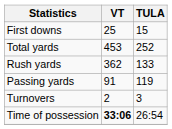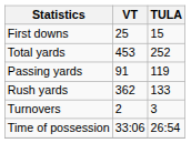 <table class="wikitable" style="float: left;">
 <tr>
 <th>Statistics</th>
 <th>VT</th>
 <th>TULA</th>
 </tr>
 <tr>
 <td>First downs</td>
 <td>25</td>
 <td>15</td>
 </tr>
 <tr>
 <td>Total yards</td>
 <td>453</td>
 <td>252</td>
 </tr>
 <tr>
+<td>Passing yards</td>
+<td>91</td>
+<td>119</td>
+</tr>
+<tr>
 <td>Rush yards</td>
 <td>362</td>
 <td>133</td>
-</tr>
-<tr>
-<td>Passing yards</td>
-<td>91</td>
-<td>119</td>
 </tr>
 <tr>
 <td>Turnovers</td>
 <td>2</td>
 <td>3</td>
 </tr>
 <tr>
 <td>Time of possession</td>
-<td><strong>33:06</strong></td>
+<td>33:06</td>
 <td>26:54</td>
 </tr>
 <tr>
 </tr>
 </table>
